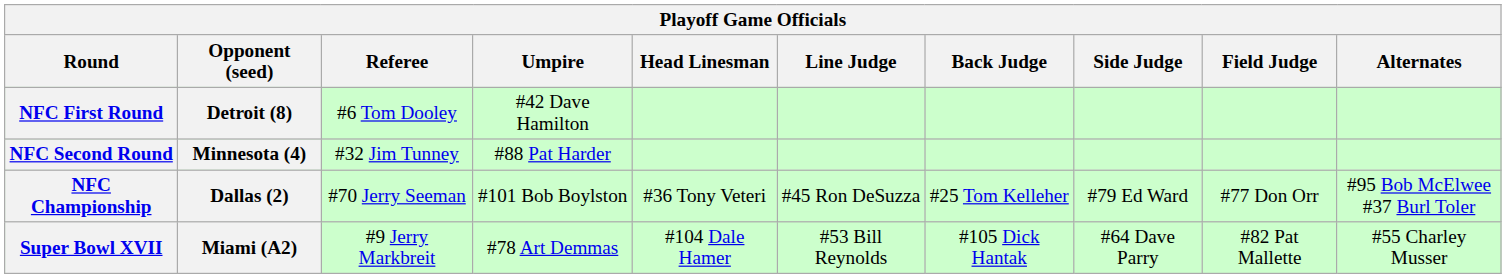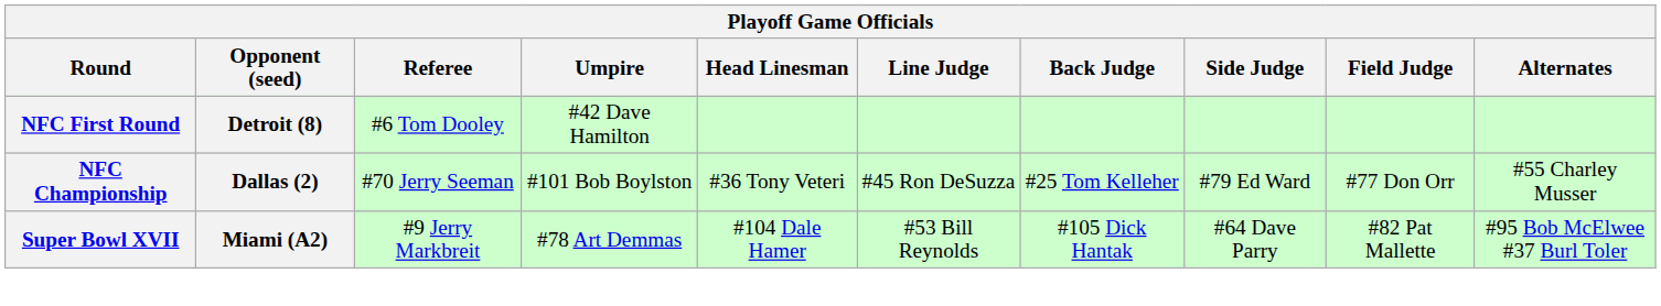 <table class="wikitable" style="text-align:center">
 <tr>
 <th colspan="10">Playoff Game Officials</th>
 </tr>
 <tr>
 <th>Round</th>
 <th>Opponent (seed)</th>
 <th>Referee</th>
 <th>Umpire</th>
 <th>Head Linesman</th>
 <th>Line Judge</th>
 <th>Back Judge</th>
 <th>Side Judge</th>
 <th>Field Judge</th>
 <th>Alternates</th>
 </tr>
 <tr style="background:#cfc">
 <th><a href='#'>NFC First Round</a></th>
 <th>Detroit (8)</th>
 <td>#6 <a href='#'>Tom Dooley</a></td>
 <td>#42 Dave Hamilton</td>
 <td></td>
 <td></td>
 <td></td>
 <td></td>
 <td></td>
 <td></td>
 </tr>
 <tr style="background:#cfc">
-<th><a href='#'>NFC Second Round</a></th>
-<th>Minnesota (4)</th>
-<td>#32 <a href='#'>Jim Tunney</a></td>
-<td>#88 <a href='#'>Pat Harder</a></td>
-<td></td>
-<td></td>
-<td></td>
-<td></td>
-<td></td>
-<td></td>
-</tr>
-<tr style="background:#cfc">
 <th><a href='#'>NFC Championship</a></th>
 <th>Dallas (2)</th>
 <td>#70 <a href='#'>Jerry Seeman</a></td>
 <td>#101 Bob Boylston</td>
 <td>#36 Tony Veteri</td>
 <td>#45 Ron DeSuzza</td>
 <td>#25 <a href='#'>Tom Kelleher</a></td>
 <td>#79 Ed Ward</td>
 <td>#77 Don Orr</td>
-<td>#95 <a href='#'>Bob McElwee</a><br>#37 <a href='#'>Burl Toler</a></td>
+<td>#55 Charley Musser</td>
 </tr>
 <tr style="background:#cfc">
 <th><a href='#'>Super Bowl XVII</a></th>
 <th>Miami (A2)</th>
 <td>#9 <a href='#'>Jerry Markbreit</a></td>
 <td>#78 <a href='#'>Art Demmas</a></td>
 <td>#104 <a href='#'>Dale Hamer</a></td>
 <td>#53 Bill Reynolds</td>
 <td>#105 <a href='#'>Dick Hantak</a></td>
 <td>#64 Dave Parry</td>
 <td>#82 Pat Mallette</td>
-<td>#55 Charley Musser</td>
+<td>#95 <a href='#'>Bob McElwee</a><br>#37 <a href='#'>Burl Toler</a></td>
 </tr>
 </table>
